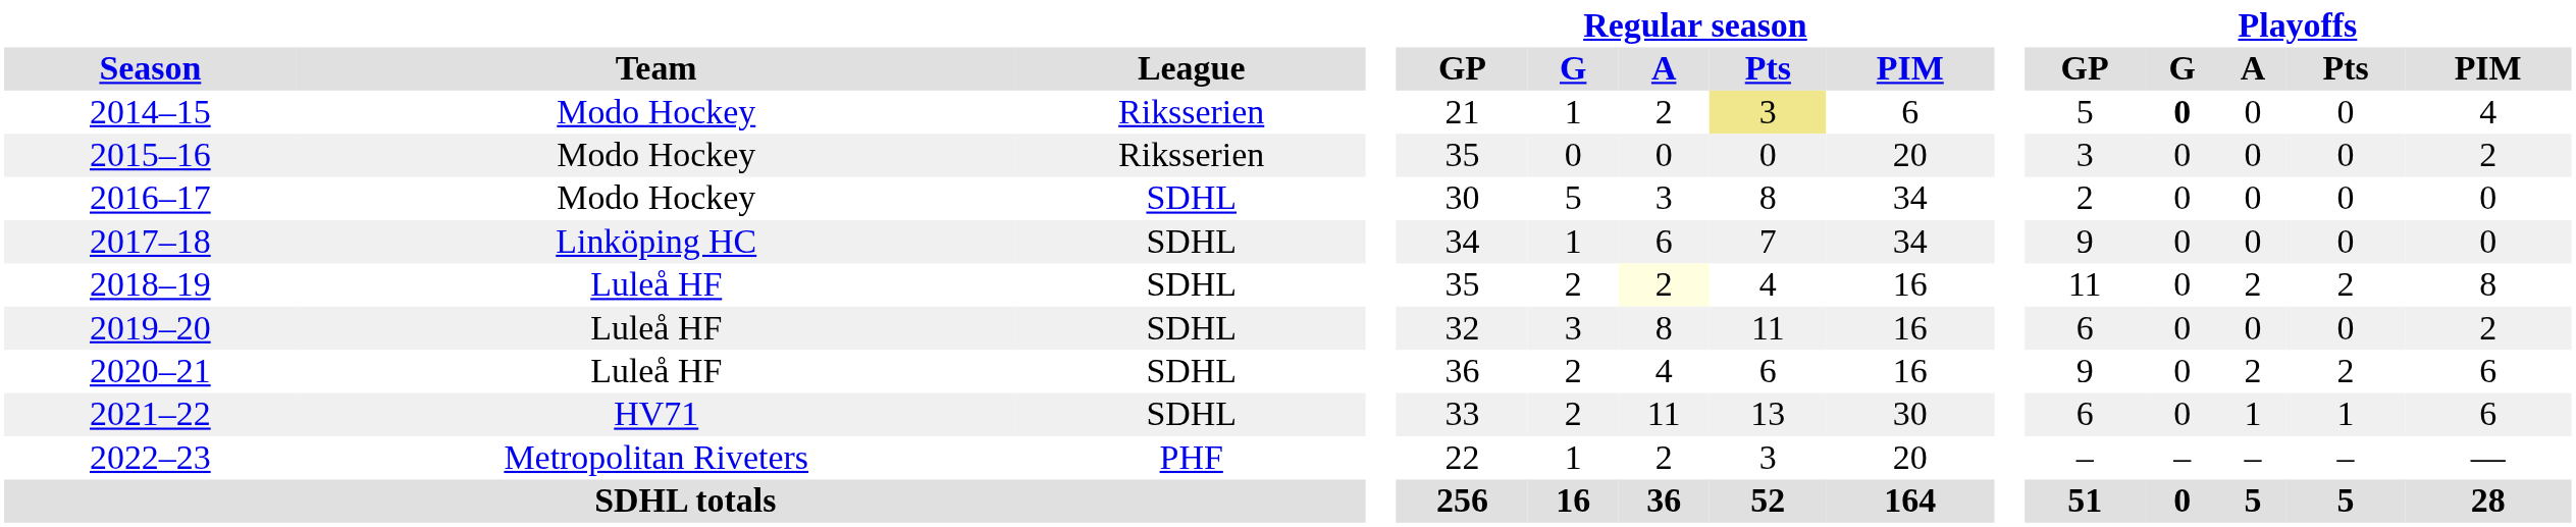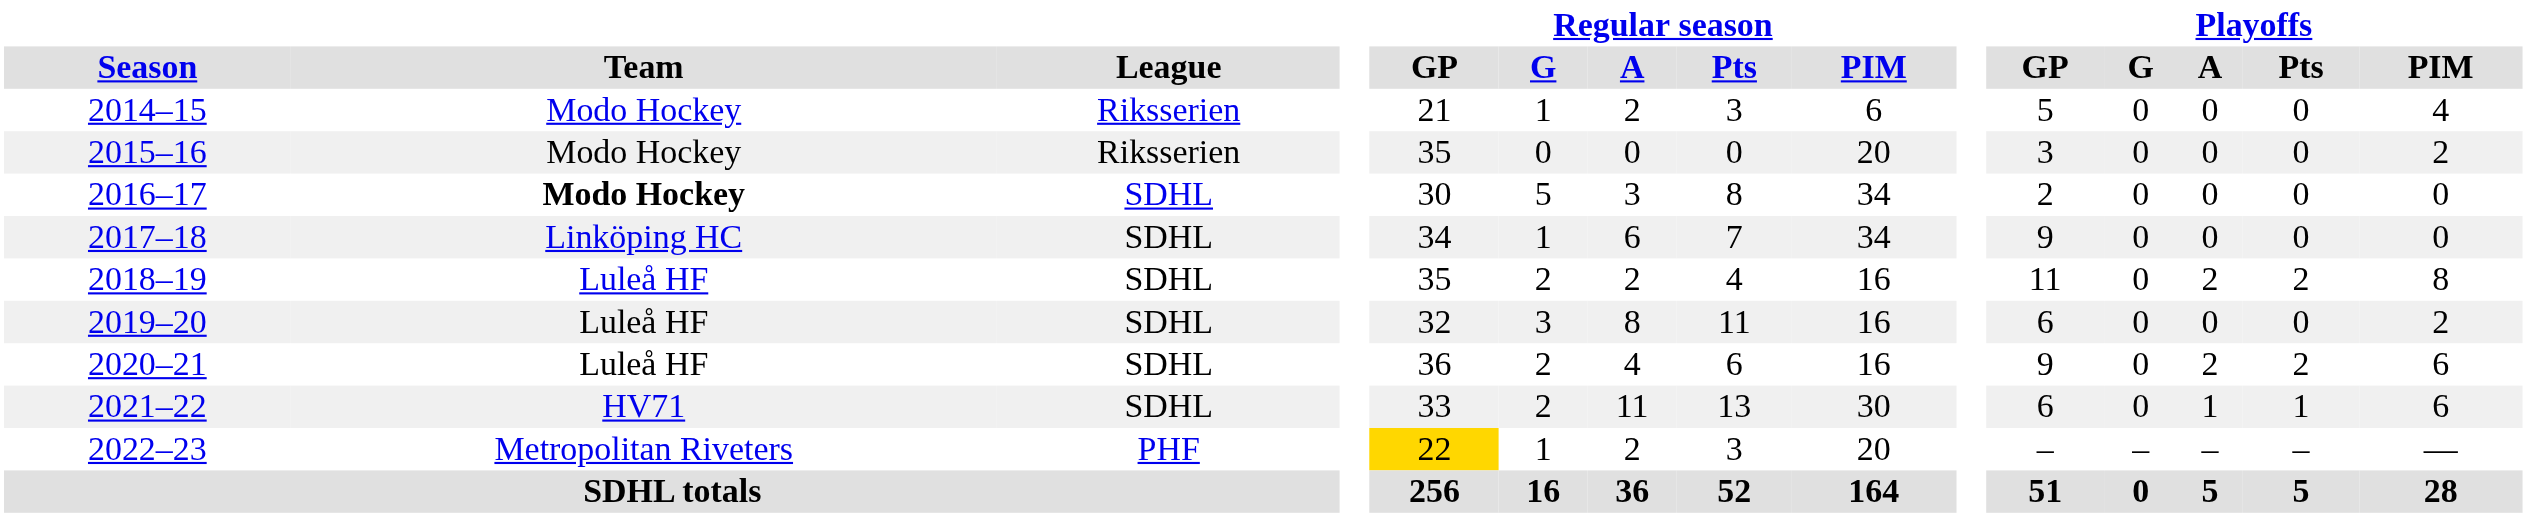 <table border="0" cellpadding="1" cellspacing="0" width="75%" style="text-align:center">
 <tr>
 <th colspan="3" bgcolor="#ffffff"> </th>
 <th rowspan="94" bgcolor="#ffffff"> </th>
 <th colspan="5"><a href='#'>Regular season</a></th>
 <th rowspan="94" bgcolor="#ffffff"> </th>
 <th colspan="5"><a href='#'>Playoffs</a></th>
 </tr>
 <tr bgcolor="#e0e0e0">
 <th><a href='#'>Season</a></th>
 <th>Team</th>
 <th>League</th>
 <th>GP</th>
 <th><a href='#'>G</a></th>
 <th><a href='#'>A</a></th>
 <th><a href='#'>Pts</a></th>
 <th><a href='#'>PIM</a></th>
 <th>GP</th>
 <th>G</th>
 <th>A</th>
 <th>Pts</th>
 <th>PIM</th>
 </tr>
 <tr>
 <td><a href='#'>2014–15</a></td>
 <td><a href='#'>Modo Hockey</a></td>
 <td><a href='#'>Riksserien</a></td>
 <td>21</td>
 <td>1</td>
 <td>2</td>
-<td style="background: khaki;">3</td>
+<td>3</td>
 <td>6</td>
 <td>5</td>
-<td><strong>0</strong></td>
+<td>0</td>
 <td>0</td>
 <td>0</td>
 <td>4</td>
 </tr>
 <tr bgcolor="#f0f0f0">
 <td><a href='#'>2015–16</a></td>
 <td>Modo Hockey</td>
 <td>Riksserien</td>
 <td>35</td>
 <td>0</td>
 <td>0</td>
 <td>0</td>
 <td>20</td>
 <td>3</td>
 <td>0</td>
 <td>0</td>
 <td>0</td>
 <td>2</td>
 </tr>
 <tr>
 <td><a href='#'>2016–17</a></td>
-<td>Modo Hockey</td>
+<td><strong>Modo Hockey</strong></td>
 <td><a href='#'>SDHL</a></td>
 <td>30</td>
 <td>5</td>
 <td>3</td>
 <td>8</td>
 <td>34</td>
 <td>2</td>
 <td>0</td>
 <td>0</td>
 <td>0</td>
 <td>0</td>
 </tr>
 <tr bgcolor="#f0f0f0">
 <td><a href='#'>2017–18</a></td>
 <td><a href='#'>Linköping HC</a></td>
 <td>SDHL</td>
 <td>34</td>
 <td>1</td>
 <td>6</td>
 <td>7</td>
 <td>34</td>
 <td>9</td>
 <td>0</td>
 <td>0</td>
 <td>0</td>
 <td>0</td>
 </tr>
 <tr>
 <td><a href='#'>2018–19</a></td>
 <td><a href='#'>Luleå HF</a></td>
 <td>SDHL</td>
 <td>35</td>
 <td>2</td>
-<td style="background: lightyellow;">2</td>
+<td>2</td>
 <td>4</td>
 <td>16</td>
 <td>11</td>
 <td>0</td>
 <td>2</td>
 <td>2</td>
 <td>8</td>
 </tr>
 <tr bgcolor="#f0f0f0">
 <td><a href='#'>2019–20</a></td>
 <td>Luleå HF</td>
 <td>SDHL</td>
 <td>32</td>
 <td>3</td>
 <td>8</td>
 <td>11</td>
 <td>16</td>
 <td>6</td>
 <td>0</td>
 <td>0</td>
 <td>0</td>
 <td>2</td>
 </tr>
 <tr>
 <td><a href='#'>2020–21</a></td>
 <td>Luleå HF</td>
 <td>SDHL</td>
 <td>36</td>
 <td>2</td>
 <td>4</td>
 <td>6</td>
 <td>16</td>
 <td>9</td>
 <td>0</td>
 <td>2</td>
 <td>2</td>
 <td>6</td>
 </tr>
 <tr bgcolor="#f0f0f0">
 <td><a href='#'>2021–22</a></td>
 <td><a href='#'>HV71</a></td>
 <td>SDHL</td>
 <td>33</td>
 <td>2</td>
 <td>11</td>
 <td>13</td>
 <td>30</td>
 <td>6</td>
 <td>0</td>
 <td>1</td>
 <td>1</td>
 <td>6</td>
 </tr>
 <tr>
 <td><a href='#'>2022–23</a></td>
 <td><a href='#'>Metropolitan Riveters</a></td>
 <td><a href='#'>PHF</a></td>
-<td>22</td>
+<td style="background: gold;">22</td>
 <td>1</td>
 <td>2</td>
 <td>3</td>
 <td>20</td>
 <td>–</td>
 <td>–</td>
 <td>–</td>
 <td>–</td>
 <td>—</td>
 </tr>
 <tr bgcolor="#e0e0e0">
 <th colspan="3">SDHL totals</th>
 <th>256</th>
 <th>16</th>
 <th>36</th>
 <th>52</th>
 <th>164</th>
 <th>51</th>
 <th>0</th>
 <th>5</th>
 <th>5</th>
 <th>28</th>
 </tr>
 </table>
